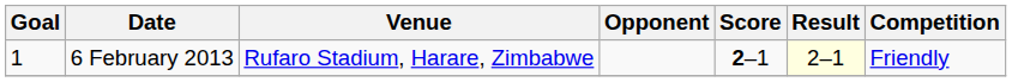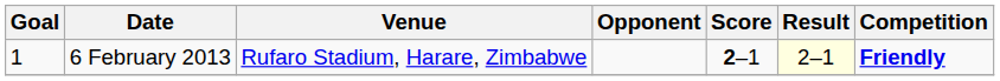 <table class="wikitable plainrowheaders sortable">
 <tr>
 <th>Goal</th>
 <th>Date</th>
 <th>Venue</th>
 <th>Opponent</th>
 <th>Score</th>
 <th>Result</th>
 <th>Competition</th>
 </tr>
 <tr>
 <td>1</td>
 <td>6 February 2013</td>
 <td><a href='#'>Rufaro Stadium</a>, <a href='#'>Harare</a>, <a href='#'>Zimbabwe</a></td>
 <td></td>
 <td align=center><strong>2</strong>–1</td>
 <td align=center style="background: lightyellow;">2–1</td>
-<td><a href='#'>Friendly</a></td>
+<td><strong><a href='#'>Friendly</a></strong></td>
 </tr>
 <tr>
 </tr>
 </table>
